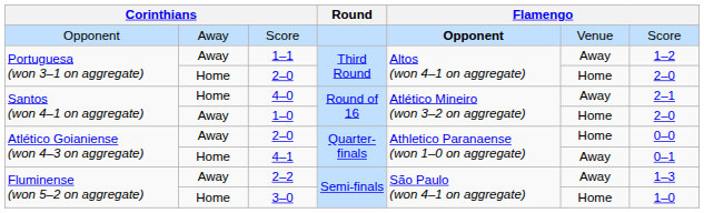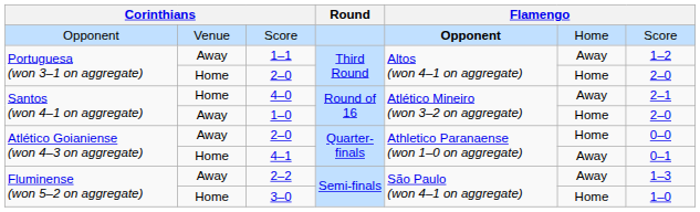 <table class="wikitable" style="text-align: center;">
 <tr>
 <th colspan=3> <a href='#'>Corinthians</a></th>
 <th>Round</th>
 <th colspan=3> <a href='#'>Flamengo</a></th>
 </tr>
 <tr bgcolor=#c1e0ff>
 <td width=25%>Opponent</td>
-<td>Away</td>
+<td width=10%>Venue</td>
 <td width=10%>Score</td>
 <td width=10%></td>
 <td width=25%><strong>Opponent</strong></td>
-<td width=10%>Venue</td>
+<td>Home</td>
 <td width=10%>Score</td>
 </tr>
 <tr>
 <td rowspan=2 align=left> <a href='#'>Portuguesa</a><br><em>(won 3–1 on aggregate)</em></td>
 <td>Away</td>
 <td><a href='#'>1–1</a></td>
 <td rowspan=2 bgcolor=#c1e0ff><a href='#'>Third Round</a></td>
 <td rowspan=2 align=left> <a href='#'>Altos</a><br><em>(won 4–1 on aggregate)</em></td>
 <td>Away</td>
 <td><a href='#'>1–2</a></td>
 </tr>
 <tr>
 <td>Home</td>
 <td><a href='#'>2–0</a></td>
 <td>Home</td>
 <td><a href='#'>2–0</a></td>
 </tr>
 <tr>
 <td rowspan=2 align=left> <a href='#'>Santos</a><br><em>(won 4–1 on aggregate)</em></td>
 <td>Home</td>
 <td><a href='#'>4–0</a></td>
 <td rowspan=2 bgcolor=#c1e0ff><a href='#'>Round of 16</a></td>
 <td rowspan=2 align=left> <a href='#'>Atlético Mineiro</a><br><em>(won 3–2 on aggregate)</em></td>
 <td>Away</td>
 <td><a href='#'>2–1</a></td>
 </tr>
 <tr>
 <td>Away</td>
 <td><a href='#'>1–0</a></td>
 <td>Home</td>
 <td><a href='#'>2–0</a></td>
 </tr>
 <tr>
 <td rowspan=2 align=left> <a href='#'>Atlético Goianiense</a><br><em>(won 4–3 on aggregate)</em></td>
 <td>Away</td>
 <td><a href='#'>2–0</a></td>
 <td rowspan=2 bgcolor=#c1e0ff><a href='#'>Quarter-finals</a></td>
 <td rowspan=2 align=left> <a href='#'>Athletico Paranaense</a><br><em>(won 1–0 on aggregate)</em></td>
 <td>Home</td>
 <td><a href='#'>0–0</a></td>
 </tr>
 <tr>
 <td>Home</td>
 <td><a href='#'>4–1</a></td>
 <td>Away</td>
 <td><a href='#'>0–1</a></td>
 </tr>
 <tr>
 <td rowspan=2 align=left> <a href='#'>Fluminense</a><br><em>(won 5–2 on aggregate)</em></td>
 <td>Away</td>
 <td><a href='#'>2–2</a></td>
 <td rowspan=2 bgcolor=#c1e0ff><a href='#'>Semi-finals</a></td>
 <td rowspan=2 align=left> <a href='#'>São Paulo</a><br><em>(won 4–1 on aggregate)</em></td>
 <td>Away</td>
 <td><a href='#'>1–3</a></td>
 </tr>
 <tr>
 <td>Home</td>
 <td><a href='#'>3–0</a></td>
 <td>Home</td>
 <td><a href='#'>1–0</a></td>
 </tr>
 </table>
